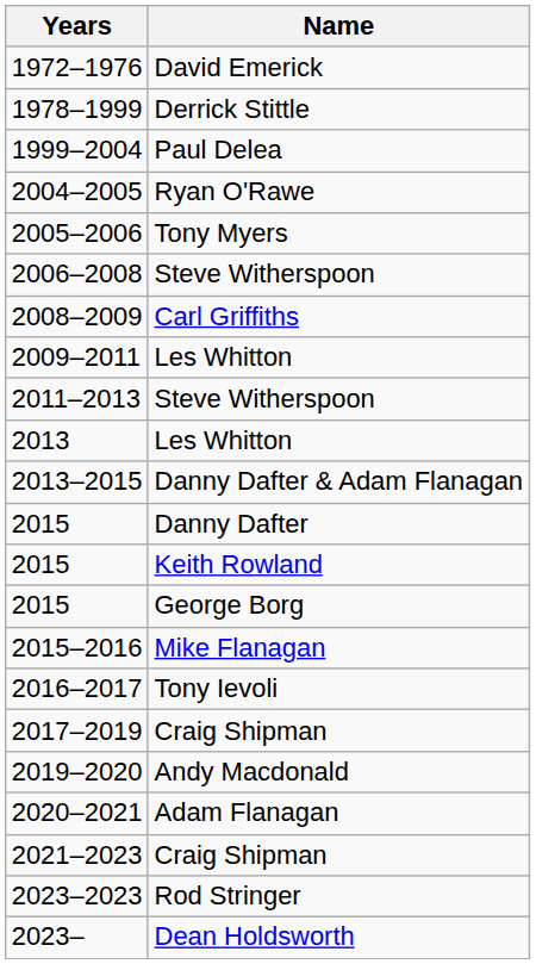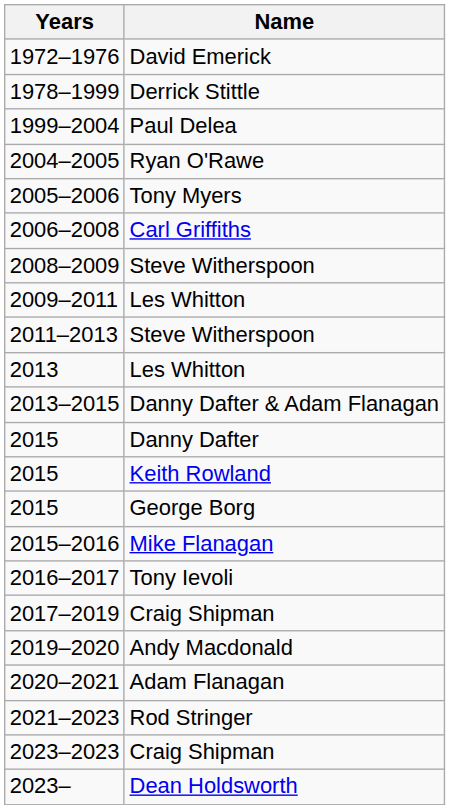 <table class=wikitable>
 <tr>
 <th>Years</th>
 <th>Name</th>
 </tr>
 <tr>
 <td>1972–1976</td>
 <td> David Emerick</td>
 </tr>
 <tr>
 <td>1978–1999</td>
 <td> Derrick Stittle</td>
 </tr>
 <tr>
 <td>1999–2004</td>
 <td> Paul Delea</td>
 </tr>
 <tr>
 <td>2004–2005</td>
 <td> Ryan O'Rawe</td>
 </tr>
 <tr>
 <td>2005–2006</td>
 <td> Tony Myers</td>
 </tr>
 <tr>
 <td>2006–2008</td>
-<td> Steve Witherspoon</td>
+<td> <a href='#'>Carl Griffiths</a></td>
 </tr>
 <tr>
 <td>2008–2009</td>
-<td> <a href='#'>Carl Griffiths</a></td>
+<td> Steve Witherspoon</td>
 </tr>
 <tr>
 <td>2009–2011</td>
 <td> Les Whitton</td>
 </tr>
 <tr>
 <td>2011–2013</td>
 <td> Steve Witherspoon</td>
 </tr>
 <tr>
 <td>2013</td>
 <td> Les Whitton</td>
 </tr>
 <tr>
 <td>2013–2015</td>
 <td> Danny Dafter & Adam Flanagan</td>
 </tr>
 <tr>
 <td>2015</td>
 <td> Danny Dafter</td>
 </tr>
 <tr>
 <td>2015</td>
 <td> <a href='#'>Keith Rowland</a></td>
 </tr>
 <tr>
 <td>2015</td>
 <td> George Borg</td>
 </tr>
 <tr>
 <td>2015–2016</td>
 <td> <a href='#'>Mike Flanagan</a></td>
 </tr>
 <tr>
 <td>2016–2017</td>
 <td> Tony Ievoli</td>
 </tr>
 <tr>
 <td>2017–2019</td>
 <td> Craig Shipman</td>
 </tr>
 <tr>
 <td>2019–2020</td>
 <td> Andy Macdonald</td>
 </tr>
 <tr>
 <td>2020–2021</td>
 <td> Adam Flanagan</td>
 </tr>
 <tr>
 <td>2021–2023</td>
-<td> Craig Shipman</td>
+<td> Rod Stringer</td>
 </tr>
 <tr>
 <td>2023–2023</td>
-<td> Rod Stringer</td>
+<td> Craig Shipman</td>
 </tr>
 <tr>
 <td>2023–</td>
 <td> <a href='#'>Dean Holdsworth</a></td>
 </tr>
 </table>
